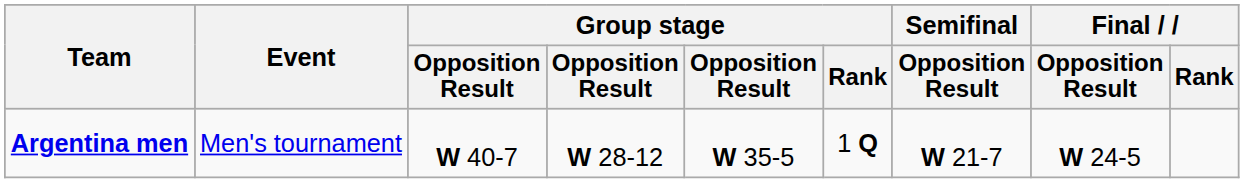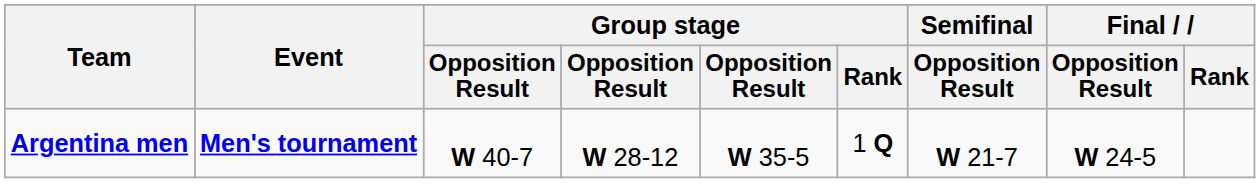 <table class=wikitable style=font-size:90%;text-align:center>
 <tr>
 <th rowspan=2>Team</th>
 <th rowspan=2>Event</th>
 <th colspan=4>Group stage</th>
 <th>Semifinal</th>
 <th colspan=2>Final /  / </th>
 </tr>
 <tr style=font-size:95%>
 <th>Opposition<br>Result</th>
 <th>Opposition<br>Result</th>
 <th>Opposition<br>Result</th>
 <th>Rank</th>
 <th>Opposition<br>Result</th>
 <th>Opposition<br>Result</th>
 <th>Rank</th>
 </tr>
 <tr>
 <td align=left><strong><a href='#'>Argentina men</a></strong></td>
-<td align=left><a href='#'>Men's tournament</a></td>
+<td align=left><strong><a href='#'>Men's tournament</a></strong></td>
 <td><br><strong>W</strong> 40-7</td>
 <td><br><strong>W</strong> 28-12</td>
 <td><br><strong>W</strong> 35-5</td>
 <td>1 <strong>Q</strong></td>
 <td><br><strong>W</strong> 21-7</td>
 <td><br><strong>W</strong> 24-5</td>
 <td></td>
 </tr>
 </table>
